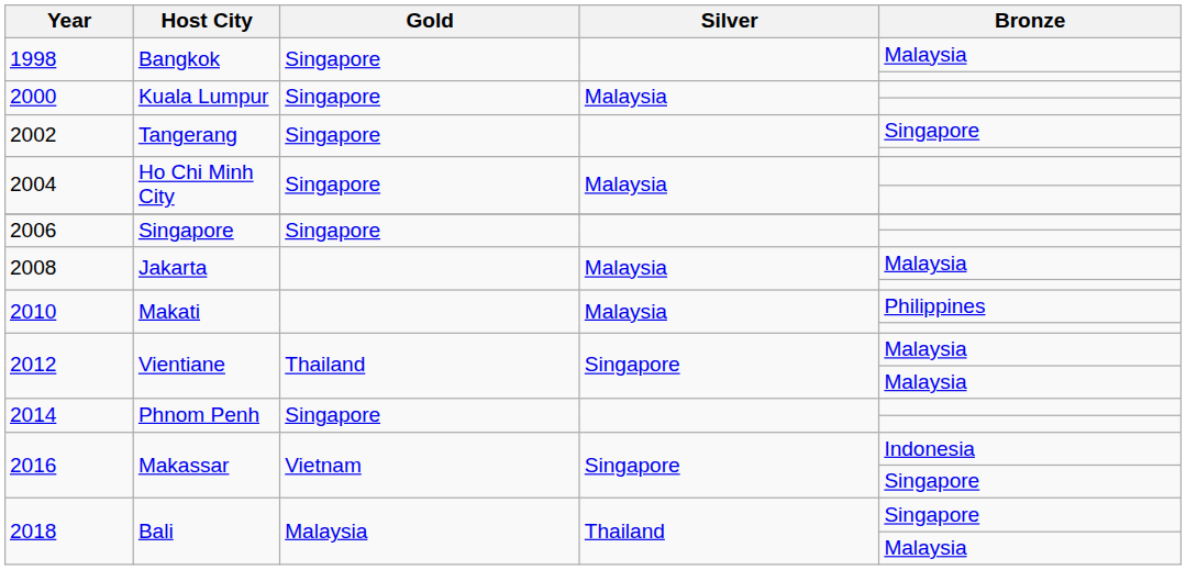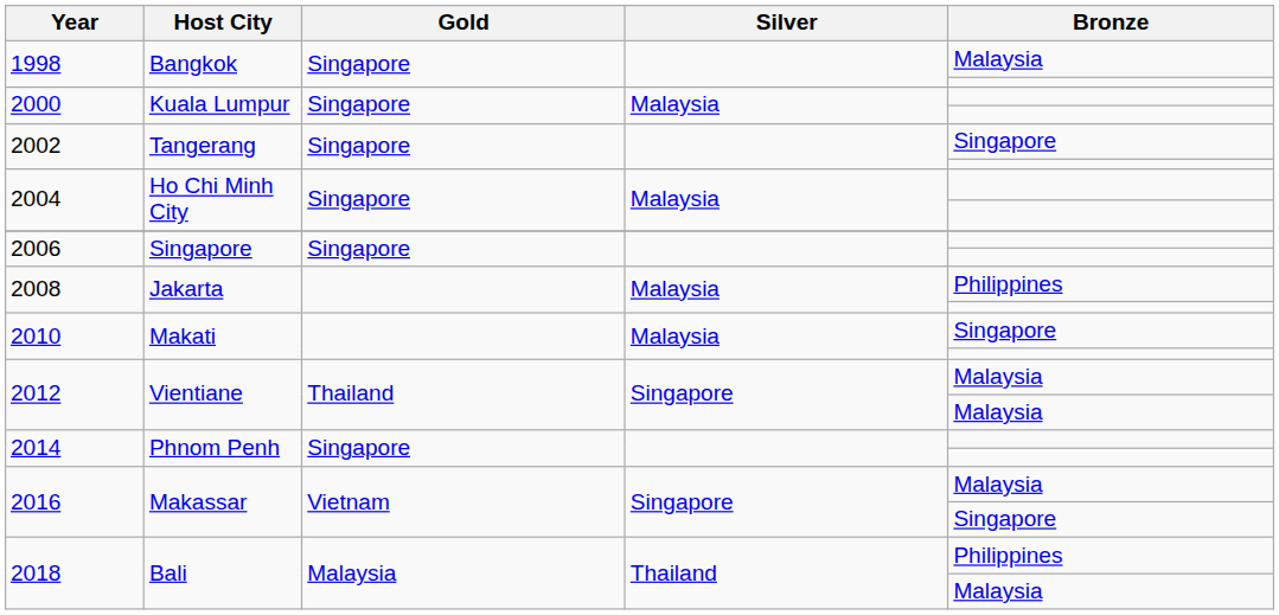 <table class="wikitable sortable" style="width:900px;">
 <tr>
 <th width="120">Year</th>
 <th width="120">Host City</th>
 <th width="300">Gold</th>
 <th width="300">Silver</th>
 <th width="300">Bronze</th>
 </tr>
 <tr>
 <td rowspan=2><a href='#'>1998</a></td>
 <td rowspan=2><a href='#'>Bangkok</a></td>
 <td rowspan=2> <a href='#'>Singapore</a></td>
 <td rowspan=2></td>
 <td> <a href='#'>Malaysia</a></td>
 </tr>
 <tr>
 <td></td>
 </tr>
 <tr>
 <td rowspan=2><a href='#'>2000</a></td>
 <td rowspan=2><a href='#'>Kuala Lumpur</a></td>
 <td rowspan=2> <a href='#'>Singapore</a></td>
 <td rowspan=2> <a href='#'>Malaysia</a></td>
 <td></td>
 </tr>
 <tr>
 <td></td>
 </tr>
 <tr>
 <td rowspan=2>2002</td>
 <td rowspan=2><a href='#'>Tangerang</a></td>
 <td rowspan=2> <a href='#'>Singapore</a></td>
 <td rowspan=2></td>
 <td> <a href='#'>Singapore</a></td>
 </tr>
 <tr>
 <td></td>
 </tr>
 <tr>
 <td rowspan=2>2004</td>
 <td rowspan=2><a href='#'>Ho Chi Minh City</a></td>
 <td rowspan=2> <a href='#'>Singapore</a></td>
 <td rowspan=2> <a href='#'>Malaysia</a></td>
 <td></td>
 </tr>
 <tr>
 <td></td>
 </tr>
 <tr>
 </tr>
 <tr>
 <td rowspan=2>2006</td>
 <td rowspan=2><a href='#'>Singapore</a></td>
 <td rowspan=2> <a href='#'>Singapore</a></td>
 <td rowspan=2></td>
 <td></td>
 </tr>
 <tr>
 <td></td>
 </tr>
 <tr>
 <td rowspan=2>2008</td>
 <td rowspan=2><a href='#'>Jakarta</a></td>
 <td rowspan=2></td>
 <td rowspan=2> <a href='#'>Malaysia</a></td>
-<td> <a href='#'>Malaysia</a></td>
+<td> <a href='#'>Philippines</a></td>
 </tr>
 <tr>
 <td></td>
 </tr>
 <tr>
 <td rowspan=2><a href='#'>2010</a></td>
 <td rowspan=2><a href='#'>Makati</a></td>
 <td rowspan=2></td>
 <td rowspan=2> <a href='#'>Malaysia</a></td>
-<td> <a href='#'>Philippines</a></td>
+<td> <a href='#'>Singapore</a></td>
 </tr>
 <tr>
 <td></td>
 </tr>
 <tr>
 <td rowspan=2><a href='#'>2012</a></td>
 <td rowspan=2><a href='#'>Vientiane</a></td>
 <td rowspan=2> <a href='#'>Thailand</a></td>
 <td rowspan=2> <a href='#'>Singapore</a></td>
 <td> <a href='#'>Malaysia</a></td>
 </tr>
 <tr>
 <td> <a href='#'>Malaysia</a></td>
 </tr>
 <tr>
 <td rowspan=2><a href='#'>2014</a></td>
 <td rowspan=2><a href='#'>Phnom Penh</a></td>
 <td rowspan=2> <a href='#'>Singapore</a></td>
 <td rowspan=2></td>
 <td></td>
 </tr>
 <tr>
 <td></td>
 </tr>
 <tr>
 <td rowspan=2><a href='#'>2016</a></td>
 <td rowspan=2><a href='#'>Makassar</a></td>
 <td rowspan=2> <a href='#'>Vietnam</a></td>
 <td rowspan=2> <a href='#'>Singapore</a></td>
-<td> <a href='#'>Indonesia</a></td>
+<td> <a href='#'>Malaysia</a></td>
 </tr>
 <tr>
 <td> <a href='#'>Singapore</a></td>
 </tr>
 <tr>
 <td rowspan=2><a href='#'>2018</a></td>
 <td rowspan=2><a href='#'>Bali</a></td>
 <td rowspan=2> <a href='#'>Malaysia</a></td>
 <td rowspan=2> <a href='#'>Thailand</a></td>
-<td> <a href='#'>Singapore</a></td>
+<td> <a href='#'>Philippines</a></td>
 </tr>
 <tr>
 <td> <a href='#'>Malaysia</a></td>
 </tr>
 </table>
